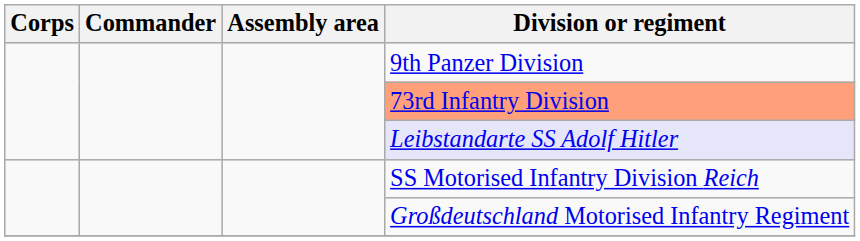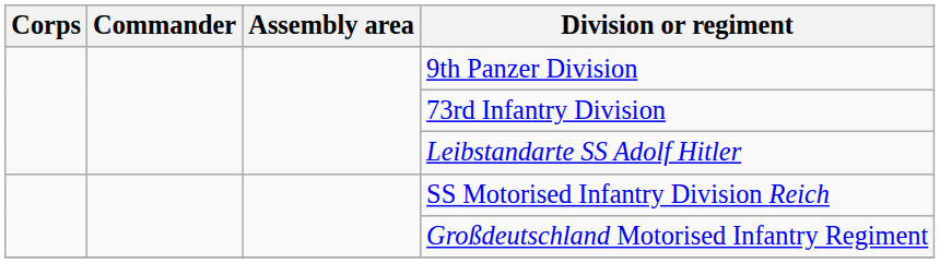 <table class="wikitable">
 <tr>
 <th scope="col">Corps</th>
 <th scope="col">Commander</th>
 <th scope="col">Assembly area</th>
 <th scope="col">Division or regiment</th>
 </tr>
 <tr>
 <td rowspan=3></td>
 <td rowspan=3></td>
 <td rowspan=3></td>
 <td><a href='#'>9th Panzer Division</a></td>
 </tr>
 <tr>
-<td style="background: lightsalmon;"><a href='#'>73rd Infantry Division</a></td>
+<td><a href='#'>73rd Infantry Division</a></td>
 </tr>
 <tr>
-<td style="background: lavender;"><a href='#'><em>Leibstandarte SS Adolf Hitler</em></a></td>
+<td><a href='#'><em>Leibstandarte SS Adolf Hitler</em></a></td>
 </tr>
 <tr>
 <td rowspan=2></td>
 <td rowspan=2></td>
 <td rowspan=2></td>
 <td><a href='#'>SS Motorised Infantry Division <em>Reich</em></a></td>
 </tr>
 <tr>
 <td><a href='#'><em>Großdeutschland</em> Motorised Infantry Regiment</a></td>
 </tr>
 <tr>
 </tr>
 </table>
